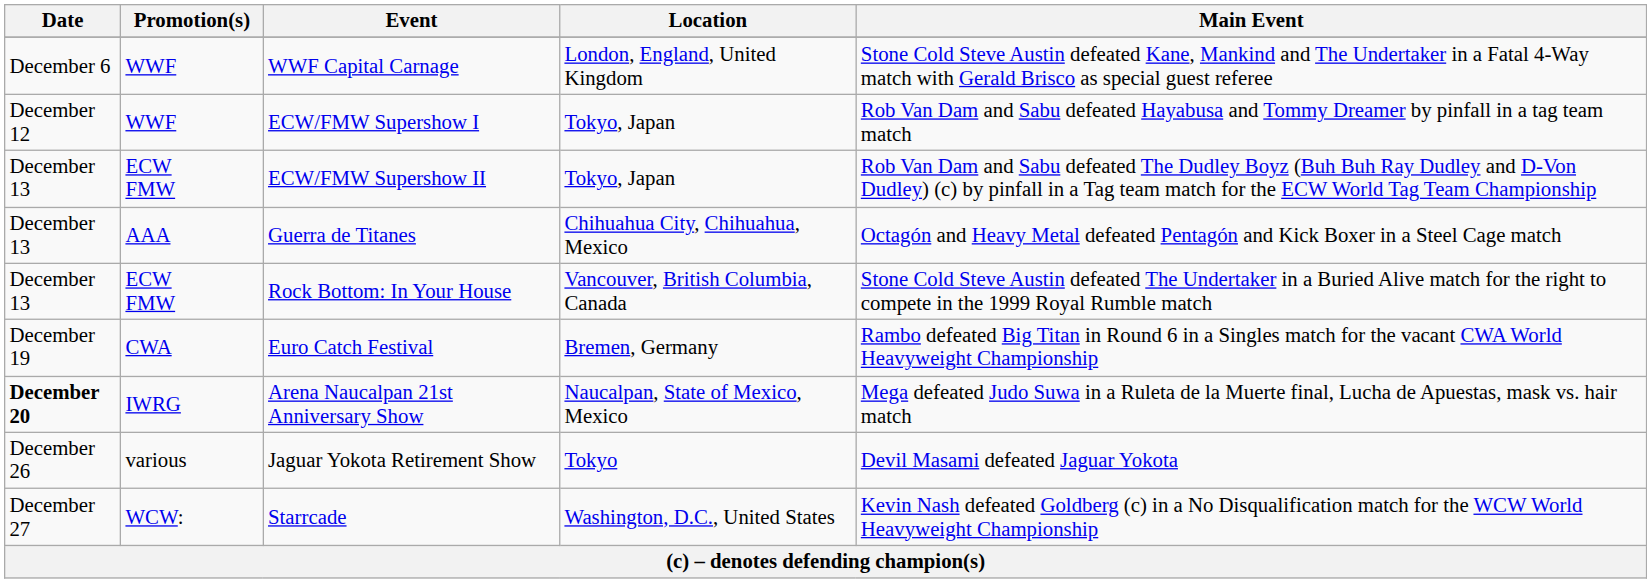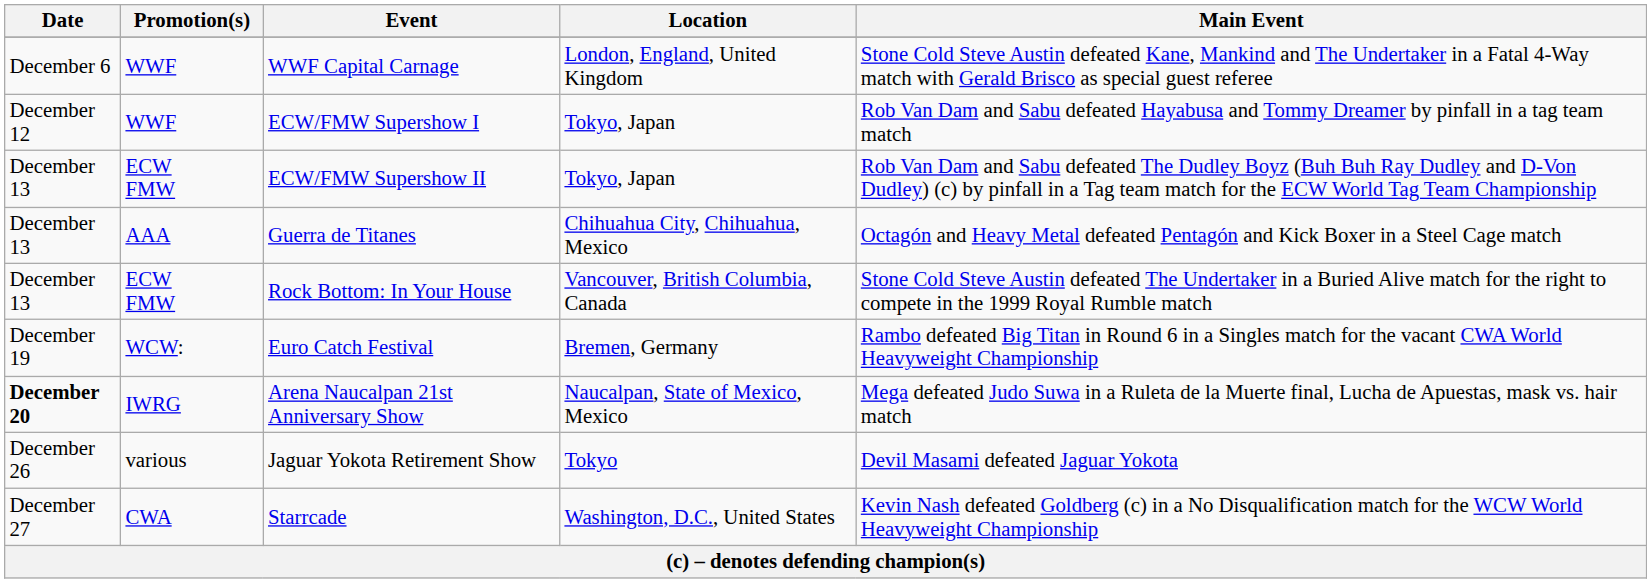 <table class="wikitable" style="width:100%;">
 <tr>
 <th width="5%">Date</th>
 <th width="5%">Promotion(s)</th>
 <th style="width:15%;">Event</th>
 <th style="width:15%;">Location</th>
 <th style="width:40%;">Main Event</th>
 </tr>
 <tr style="width:20%;" |Notes>
 </tr>
 <tr>
 <td>December 6</td>
 <td><a href='#'>WWF</a></td>
 <td><a href='#'>WWF Capital Carnage</a></td>
 <td><a href='#'>London</a>, <a href='#'>England</a>, United Kingdom</td>
 <td><a href='#'>Stone Cold Steve Austin</a> defeated <a href='#'>Kane</a>, <a href='#'>Mankind</a> and <a href='#'>The Undertaker</a> in a Fatal 4-Way match with <a href='#'>Gerald Brisco</a> as special guest referee</td>
 </tr>
 <tr>
 <td>December 12</td>
 <td><a href='#'>WWF</a></td>
 <td><a href='#'>ECW/FMW Supershow I</a></td>
 <td><a href='#'>Tokyo</a>, Japan</td>
 <td><a href='#'>Rob Van Dam</a> and <a href='#'>Sabu</a> defeated <a href='#'>Hayabusa</a> and <a href='#'>Tommy Dreamer</a> by pinfall in a tag team match</td>
 </tr>
 <tr>
 <td>December 13</td>
 <td><a href='#'>ECW</a><br><a href='#'>FMW</a></td>
 <td><a href='#'>ECW/FMW Supershow II</a></td>
 <td><a href='#'>Tokyo</a>, Japan</td>
 <td><a href='#'>Rob Van Dam</a> and <a href='#'>Sabu</a> defeated <a href='#'>The Dudley Boyz</a> (<a href='#'>Buh Buh Ray Dudley</a> and <a href='#'>D-Von Dudley</a>) (c) by pinfall in a Tag team match for the <a href='#'>ECW World Tag Team Championship</a></td>
 </tr>
 <tr>
 <td>December 13</td>
 <td><a href='#'>AAA</a></td>
 <td><a href='#'>Guerra de Titanes</a></td>
 <td><a href='#'>Chihuahua City</a>, <a href='#'>Chihuahua</a>, Mexico</td>
 <td><a href='#'>Octagón</a> and <a href='#'>Heavy Metal</a> defeated <a href='#'>Pentagón</a> and Kick Boxer in a Steel Cage match</td>
 </tr>
 <tr>
 <td>December 13</td>
 <td><a href='#'>ECW</a><br><a href='#'>FMW</a></td>
 <td><a href='#'>Rock Bottom: In Your House</a></td>
 <td><a href='#'>Vancouver</a>, <a href='#'>British Columbia</a>, Canada</td>
 <td><a href='#'>Stone Cold Steve Austin</a> defeated <a href='#'>The Undertaker</a> in a Buried Alive match for the right to compete in the 1999 Royal Rumble match</td>
 </tr>
 <tr>
 <td>December 19</td>
-<td><a href='#'>CWA</a></td>
+<td><a href='#'>WCW</a>:<br></td>
 <td><a href='#'>Euro Catch Festival</a></td>
 <td><a href='#'>Bremen</a>, Germany</td>
 <td><a href='#'>Rambo</a> defeated <a href='#'>Big Titan</a> in Round 6 in a Singles match for the vacant <a href='#'>CWA World Heavyweight Championship</a></td>
 </tr>
 <tr>
 <td><strong>December 20</strong></td>
 <td><a href='#'>IWRG</a></td>
 <td><a href='#'>Arena Naucalpan 21st Anniversary Show</a></td>
 <td><a href='#'>Naucalpan</a>, <a href='#'>State of Mexico</a>, Mexico</td>
 <td><a href='#'>Mega</a> defeated <a href='#'>Judo Suwa</a> in a Ruleta de la Muerte final, Lucha de Apuestas, mask vs. hair match</td>
 </tr>
 <tr>
 <td>December 26</td>
 <td>various</td>
 <td>Jaguar Yokota Retirement Show</td>
 <td><a href='#'>Tokyo</a></td>
 <td><a href='#'>Devil Masami</a> defeated <a href='#'>Jaguar Yokota</a></td>
 </tr>
 <tr>
 <td>December 27</td>
-<td><a href='#'>WCW</a>:<br></td>
+<td><a href='#'>CWA</a></td>
 <td><a href='#'>Starrcade</a></td>
 <td><a href='#'>Washington, D.C.</a>, United States</td>
 <td><a href='#'>Kevin Nash</a> defeated <a href='#'>Goldberg</a> (c) in a No Disqualification match for the <a href='#'>WCW World Heavyweight Championship</a></td>
 </tr>
 <tr>
 <th colspan="6">(c) – denotes defending champion(s)</th>
 </tr>
 </table>
